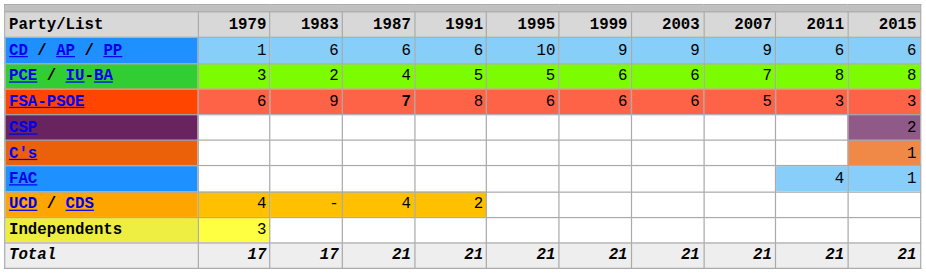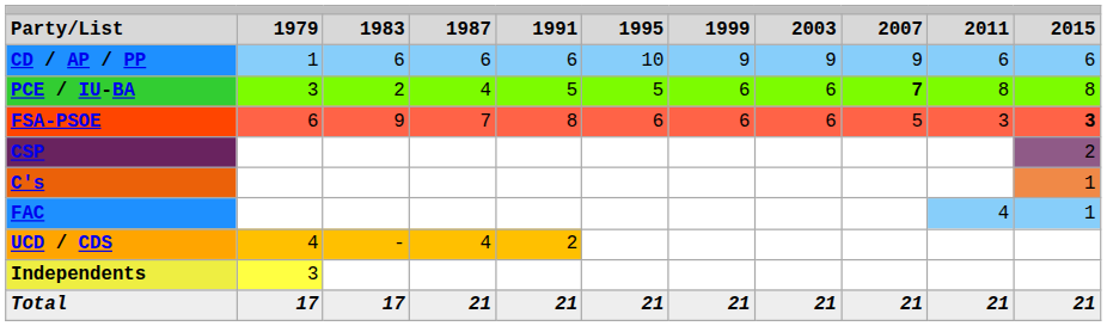 <table class="wikitable" style="margin:0 auto">
 <tr>
 <td colspan="11" width="750px" bgcolor="#C0C0C0"></td>
 </tr>
 <tr bgcolor="#D8D8D8">
 <td><strong>Party/List</strong></td>
 <td align="right"><strong>1979</strong></td>
 <td align="right"><strong>1983</strong></td>
 <td align="right"><strong>1987</strong></td>
 <td align="right"><strong>1991</strong></td>
 <td align="right"><strong>1995</strong></td>
 <td align="right"><strong>1999</strong></td>
 <td align="right"><strong>2003</strong></td>
 <td align="right"><strong>2007</strong></td>
 <td align="right"><strong>2011</strong></td>
 <td align="right"><strong>2015</strong></td>
 </tr>
 <tr>
 <td bgcolor="#1E90FF"><strong><a href='#'>CD</a> / <a href='#'>AP</a> / <a href='#'>PP</a></strong></td>
 <td bgcolor="#87CEFA" align="right">1</td>
 <td bgcolor="#87CEFA" align="right">6</td>
 <td bgcolor="#87CEFA" align="right">6</td>
 <td bgcolor="#87CEFA" align="right">6</td>
 <td bgcolor="#87CEFA" align="right">10</td>
 <td bgcolor="#87CEFA" align="right">9</td>
 <td bgcolor="#87CEFA" align="right">9</td>
 <td bgcolor="#87CEFA" align="right">9</td>
 <td bgcolor="#87CEFA" align="right">6</td>
 <td bgcolor="#87CEFA" align="right">6</td>
 </tr>
 <tr>
 <td bgcolor="#32CD32"><strong><a href='#'>PCE</a> / <a href='#'>IU</a>-<a href='#'>BA</a></strong></td>
 <td bgcolor="#7CFC00" align="right">3</td>
 <td bgcolor="#7CFC00" align="right">2</td>
 <td bgcolor="#7CFC00" align="right">4</td>
 <td bgcolor="#7CFC00" align="right">5</td>
 <td bgcolor="#7CFC00" align="right">5</td>
 <td bgcolor="#7CFC00" align="right">6</td>
 <td bgcolor="#7CFC00" align="right">6</td>
-<td bgcolor="#7CFC00" align="right">7</td>
+<td bgcolor="#7CFC00" align="right"><strong>7</strong></td>
 <td bgcolor="#7CFC00" align="right">8</td>
 <td bgcolor="#7CFC00" align="right">8</td>
 </tr>
 <tr>
 <td bgcolor="#FF4500"><strong><a href='#'>FSA-PSOE</a></strong></td>
 <td bgcolor="#FF6347" align="right">6</td>
 <td bgcolor="#FF6347" align="right">9</td>
-<td bgcolor="#FF6347" align="right"><strong>7</strong></td>
+<td bgcolor="#FF6347" align="right">7</td>
 <td bgcolor="#FF6347" align="right">8</td>
 <td bgcolor="#FF6347" align="right">6</td>
 <td bgcolor="#FF6347" align="right">6</td>
 <td bgcolor="#FF6347" align="right">6</td>
 <td bgcolor="#FF6347" align="right">5</td>
 <td bgcolor="#FF6347" align="right">3</td>
-<td bgcolor="#FF6347" align="right">3</td>
+<td bgcolor="#FF6347" align="right"><strong>3</strong></td>
 </tr>
 <tr>
 <td bgcolor="#69235F"><strong><a href='#'>CSP</a></strong></td>
 <td bgcolor="#FFFFFF" align="right"></td>
 <td bgcolor="#FFFFFF" align="right"></td>
 <td bgcolor="#FFFFFF" align="right"></td>
 <td bgcolor="#FFFFFF" align="right"></td>
 <td bgcolor="#FFFFFF" align="right"></td>
 <td bgcolor="#FFFFFF" align="right"></td>
 <td bgcolor="#FFFFFF" align="right"></td>
 <td bgcolor="#FFFFFF" align="right"></td>
 <td bgcolor="#FFFFFF" align="right"></td>
 <td bgcolor="#8F5A87" align="right">2</td>
 </tr>
 <tr>
 <td bgcolor="#EB6109"><strong><a href='#'>C's</a></strong></td>
 <td bgcolor="#FFFFFF" align="right"></td>
 <td bgcolor="#FFFFFF" align="right"></td>
 <td bgcolor="#FFFFFF" align="right"></td>
 <td bgcolor="#FFFFFF" align="right"></td>
 <td bgcolor="#FFFFFF" align="right"></td>
 <td bgcolor="#FFFFFF" align="right"></td>
 <td bgcolor="#FFFFFF" align="right"></td>
 <td bgcolor="#FFFFFF" align="right"></td>
 <td bgcolor="#FFFFFF" align="right"></td>
 <td bgcolor="#F08947" align="right">1</td>
 </tr>
 <tr>
 <td bgcolor="#1E90FF"><strong><a href='#'>FAC</a></strong></td>
 <td bgcolor="#FFFFff"  align="right"></td>
 <td bgcolor="#FFFFff"  align="right"></td>
 <td bgcolor="#FFFFff"  align="right"></td>
 <td bgcolor="#FFFFff"  align="right"></td>
 <td bgcolor="#FFFFff"  align="right"></td>
 <td bgcolor="#FFFFff"  align="right"></td>
 <td bgcolor="#FFFFff"  align="right"></td>
 <td bgcolor="#FFFFff"  align="right"></td>
 <td bgcolor="#87CEFA"  align="right">4</td>
 <td bgcolor="#87CEFA"  align="right">1</td>
 </tr>
 <tr>
 <td bgcolor="#FFA500"><strong><a href='#'>UCD</a> / <a href='#'>CDS</a></strong></td>
 <td bgcolor="#ffC000" align="right">4</td>
 <td bgcolor="#ffC000" align="right">-</td>
 <td bgcolor="#ffC000" align="right">4</td>
 <td bgcolor="#ffC000" align="right">2</td>
 <td bgcolor="#ffffff" align="right"></td>
 <td bgcolor="#ffffff" align="right"></td>
 <td bgcolor="#ffffff" align="right"></td>
 <td bgcolor="#ffffff" align="right"></td>
 <td bgcolor="#ffffff" align="right"></td>
 <td bgcolor="#ffffff" align="right"></td>
 </tr>
 <tr>
 <td bgcolor="#EEEE42"><strong>Independents</strong></td>
 <td bgcolor="#FFFF42"  align="right">3</td>
 <td bgcolor="#FFFFff"  align="right"></td>
 <td bgcolor="#FFFFff"  align="right"></td>
 <td bgcolor="#FFFFff"  align="right"></td>
 <td bgcolor="#FFFFff"  align="right"></td>
 <td bgcolor="#FFFFff"  align="right"></td>
 <td bgcolor="#FFFFff"  align="right"></td>
 <td bgcolor="#FFFFff"  align="right"></td>
 <td bgcolor="#FFFFff"  align="right"></td>
 <td bgcolor="#ffffff" align="right"></td>
 </tr>
 <tr bgcolor="#EEEEEE">
 <td><strong><em>Total</em></strong></td>
 <td align="right"><strong><em>17</em></strong></td>
 <td align="right"><strong><em>17</em></strong></td>
 <td align="right"><strong><em>21</em></strong></td>
 <td align="right"><strong><em>21</em></strong></td>
 <td align="right"><strong><em>21</em></strong></td>
 <td align="right"><strong><em>21</em></strong></td>
 <td align="right"><strong><em>21</em></strong></td>
 <td align="right"><strong><em>21</em></strong></td>
 <td align="right"><strong><em>21</em></strong></td>
 <td align="right"><strong><em>21</em></strong></td>
 </tr>
 </table>
